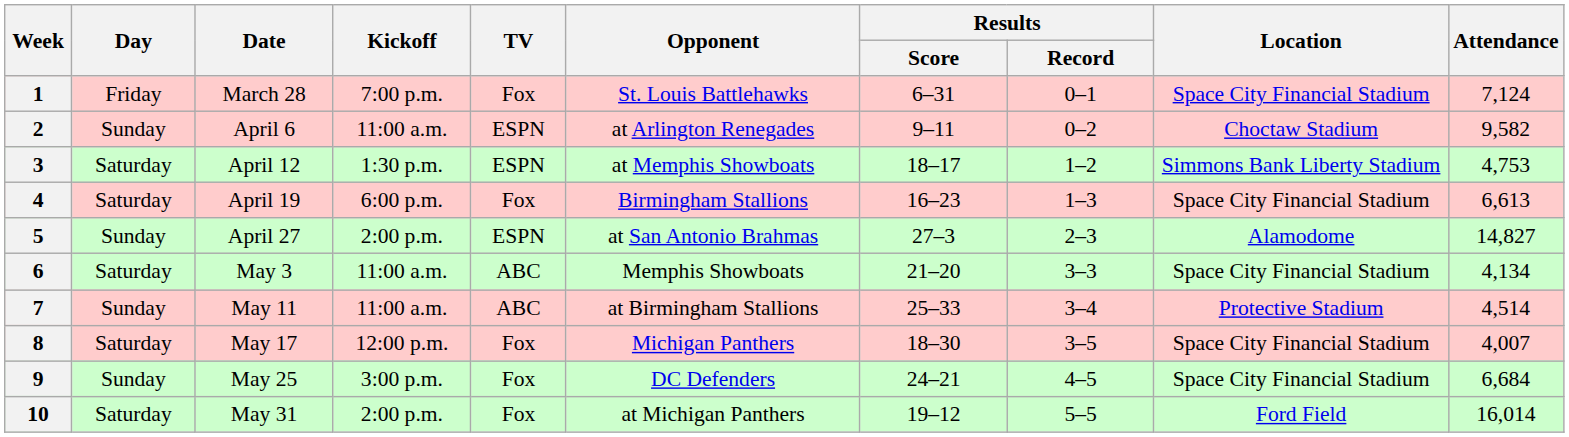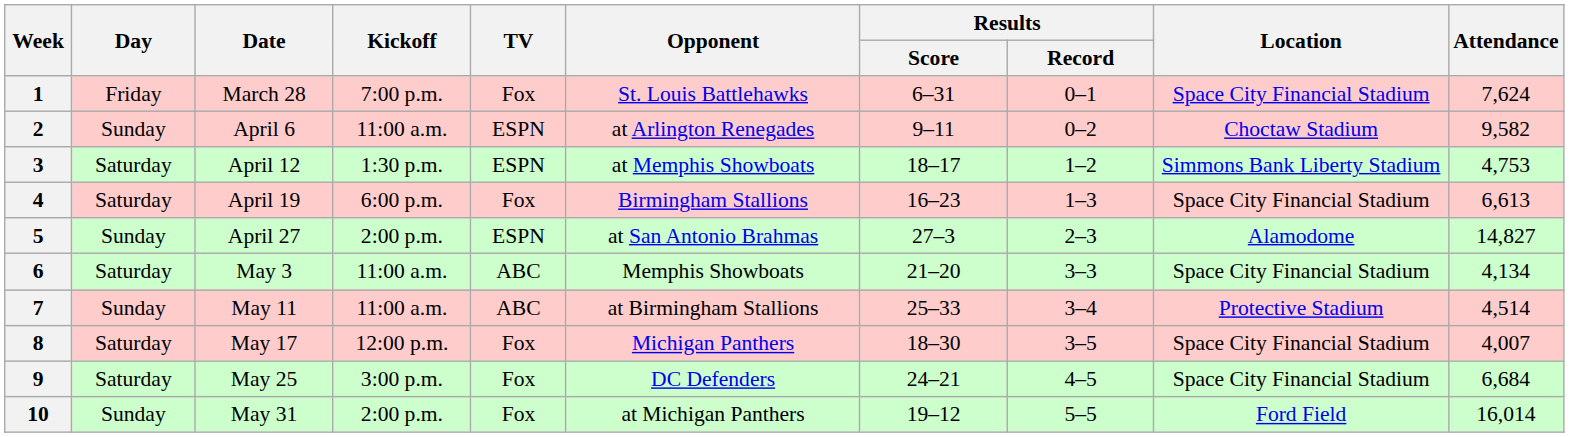 <table class="wikitable" style="text-align:center; font-size: 95%;">
 <tr>
 <th rowspan="2" width="40">Week</th>
 <th rowspan="2" width="80">Day</th>
 <th rowspan="2" width="90">Date</th>
 <th rowspan="2" width="90">Kickoff</th>
 <th rowspan="2" width="60">TV</th>
 <th rowspan="2" width="200">Opponent</th>
 <th colspan="2" width="200">Results</th>
 <th rowspan="2" width="200">Location</th>
 <th rowspan="2">Attendance</th>
 </tr>
 <tr>
 <th width="60">Score</th>
 <th width="60">Record</th>
 </tr>
 <tr style="background:#ffcccc">
 <th>1</th>
 <td>Friday</td>
 <td>March 28</td>
 <td>7:00 p.m.</td>
 <td>Fox</td>
 <td><a href='#'>St. Louis Battlehawks</a></td>
 <td>6–31</td>
 <td>0–1</td>
 <td><a href='#'>Space City Financial Stadium</a></td>
-<td>7,124</td>
+<td>7,624</td>
 </tr>
 <tr style="background:#ffcccc">
 <th>2</th>
 <td>Sunday</td>
 <td>April 6</td>
 <td>11:00 a.m.</td>
 <td>ESPN</td>
 <td>at <a href='#'>Arlington Renegades</a></td>
 <td>9–11</td>
 <td>0–2</td>
 <td><a href='#'>Choctaw Stadium</a></td>
 <td>9,582</td>
 </tr>
 <tr style="background:#ccffcc">
 <th>3</th>
 <td>Saturday</td>
 <td>April 12</td>
 <td>1:30 p.m.</td>
 <td>ESPN</td>
 <td>at <a href='#'>Memphis Showboats</a></td>
 <td>18–17</td>
 <td>1–2</td>
 <td><a href='#'>Simmons Bank Liberty Stadium</a></td>
 <td>4,753</td>
 </tr>
 <tr style="background:#ffcccc">
 <th>4</th>
 <td>Saturday</td>
 <td>April 19</td>
 <td>6:00 p.m.</td>
 <td>Fox</td>
 <td><a href='#'>Birmingham Stallions</a></td>
 <td>16–23</td>
 <td>1–3</td>
 <td>Space City Financial Stadium</td>
 <td>6,613</td>
 </tr>
 <tr style="background:#ccffcc">
 <th>5</th>
 <td>Sunday</td>
 <td>April 27</td>
 <td>2:00 p.m.</td>
 <td>ESPN</td>
 <td>at <a href='#'>San Antonio Brahmas</a></td>
 <td>27–3</td>
 <td>2–3</td>
 <td><a href='#'>Alamodome</a></td>
 <td>14,827</td>
 </tr>
 <tr style="background:#ccffcc">
 <th>6</th>
 <td>Saturday</td>
 <td>May 3</td>
 <td>11:00 a.m.</td>
 <td>ABC</td>
 <td>Memphis Showboats</td>
 <td>21–20</td>
 <td>3–3</td>
 <td>Space City Financial Stadium</td>
 <td>4,134</td>
 </tr>
 <tr style="background:#ffcccc">
 <th>7</th>
 <td>Sunday</td>
 <td>May 11</td>
 <td>11:00 a.m.</td>
 <td>ABC</td>
 <td>at Birmingham Stallions</td>
 <td>25–33</td>
 <td>3–4</td>
 <td><a href='#'>Protective Stadium</a></td>
 <td>4,514</td>
 </tr>
 <tr style="background:#ffcccc">
 <th>8</th>
 <td>Saturday</td>
 <td>May 17</td>
 <td>12:00 p.m.</td>
 <td>Fox</td>
 <td><a href='#'>Michigan Panthers</a></td>
 <td>18–30</td>
 <td>3–5</td>
 <td>Space City Financial Stadium</td>
 <td>4,007</td>
 </tr>
 <tr style="background:#ccffcc">
 <th>9</th>
-<td>Sunday</td>
+<td>Saturday</td>
 <td>May 25</td>
 <td>3:00 p.m.</td>
 <td>Fox</td>
 <td><a href='#'>DC Defenders</a></td>
 <td>24–21</td>
 <td>4–5</td>
 <td>Space City Financial Stadium</td>
 <td>6,684</td>
 </tr>
 <tr style="background:#ccffcc">
 <th>10</th>
-<td>Saturday</td>
+<td>Sunday</td>
 <td>May 31</td>
 <td>2:00 p.m.</td>
 <td>Fox</td>
 <td>at Michigan Panthers</td>
 <td>19–12</td>
 <td>5–5</td>
 <td><a href='#'>Ford Field</a></td>
 <td>16,014</td>
 </tr>
 </table>
